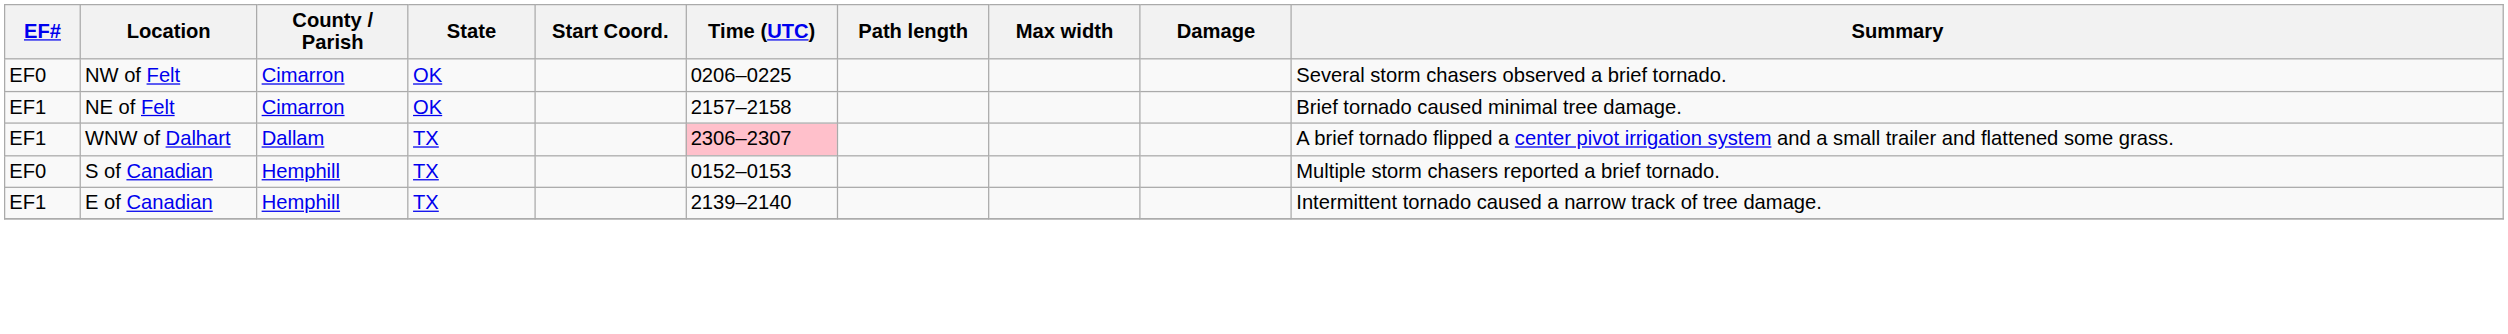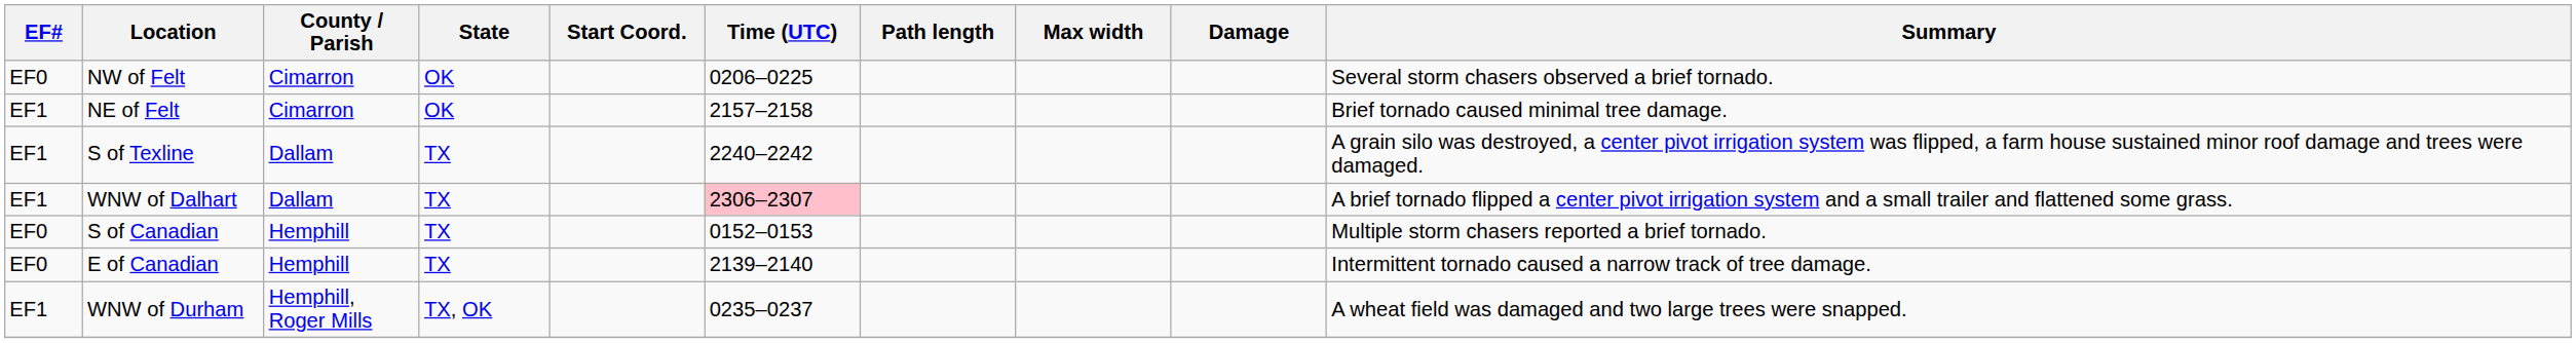 <table class="wikitable sortable" style="width:100%;">
 <tr>
 <th scope="col" width="3%" align="center"><a href='#'>EF#</a></th>
 <th scope="col" width="7%" align="center" class="unsortable">Location</th>
 <th scope="col" width="6%" align="center" class="unsortable">County / Parish</th>
 <th scope="col" width="5%" align="center">State</th>
 <th scope="col" width="6%" align="center">Start Coord.</th>
 <th scope="col" width="6%" align="center">Time (<a href='#'>UTC</a>)</th>
 <th scope="col" width="6%" align="center">Path length</th>
 <th scope="col" width="6%" align="center">Max width</th>
 <th scope="col" width="6%" align="center">Damage</th>
 <th scope="col" width="48%" class="unsortable" align="center">Summary</th>
 </tr>
 <tr>
 <td>EF0</td>
 <td>NW of <a href='#'>Felt</a></td>
 <td><a href='#'>Cimarron</a></td>
 <td><a href='#'>OK</a></td>
 <td></td>
 <td>0206–0225</td>
 <td></td>
 <td></td>
 <td></td>
 <td>Several storm chasers observed a brief tornado.</td>
 </tr>
 <tr>
 <td>EF1</td>
 <td>NE of <a href='#'>Felt</a></td>
 <td><a href='#'>Cimarron</a></td>
 <td><a href='#'>OK</a></td>
 <td></td>
 <td>2157–2158</td>
 <td></td>
 <td></td>
 <td></td>
 <td>Brief tornado caused minimal tree damage.</td>
 </tr>
 <tr>
 <td>EF1</td>
+<td>S of <a href='#'>Texline</a></td>
+<td><a href='#'>Dallam</a></td>
+<td><a href='#'>TX</a></td>
+<td></td>
+<td>2240–2242</td>
+<td></td>
+<td></td>
+<td></td>
+<td>A grain silo was destroyed, a <a href='#'>center pivot irrigation system</a> was flipped, a farm house sustained minor roof damage and trees were damaged.</td>
+</tr>
+<tr>
+<td>EF1</td>
 <td>WNW of <a href='#'>Dalhart</a></td>
 <td><a href='#'>Dallam</a></td>
 <td><a href='#'>TX</a></td>
 <td></td>
 <td style="background: pink;">2306–2307</td>
 <td></td>
 <td></td>
 <td></td>
 <td>A brief tornado flipped a <a href='#'>center pivot irrigation system</a> and a small trailer and flattened some grass.</td>
 </tr>
 <tr>
 <td>EF0</td>
 <td>S of <a href='#'>Canadian</a></td>
 <td><a href='#'>Hemphill</a></td>
 <td><a href='#'>TX</a></td>
 <td></td>
 <td>0152–0153</td>
 <td></td>
 <td></td>
 <td></td>
 <td>Multiple storm chasers reported a brief tornado.</td>
 </tr>
 <tr>
-<td>EF1</td>
+<td>EF0</td>
 <td>E of <a href='#'>Canadian</a></td>
 <td><a href='#'>Hemphill</a></td>
 <td><a href='#'>TX</a></td>
 <td></td>
 <td>2139–2140</td>
 <td></td>
 <td></td>
 <td></td>
 <td>Intermittent tornado caused a narrow track of tree damage.</td>
 </tr>
 <tr>
+<td>EF1</td>
+<td>WNW of <a href='#'>Durham</a></td>
+<td><a href='#'>Hemphill</a>, <a href='#'>Roger Mills</a></td>
+<td><a href='#'>TX</a>, <a href='#'>OK</a></td>
+<td></td>
+<td>0235–0237</td>
+<td></td>
+<td></td>
+<td></td>
+<td>A wheat field was damaged and two large trees were snapped.</td>
+</tr>
+<tr>
 </tr>
 </table>
